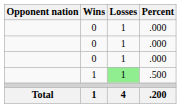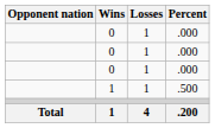 <table class=wikitable>
 <tr>
 <th>Opponent nation</th>
 <th>Wins</th>
 <th>Losses</th>
 <th>Percent</th>
 </tr>
 <tr align=center>
 <td align=left></td>
 <td>0</td>
 <td>1</td>
 <td>.000</td>
 </tr>
 <tr align=center>
 <td align=left></td>
 <td>0</td>
 <td>1</td>
 <td>.000</td>
 </tr>
 <tr align=center>
 <td align=left></td>
 <td>0</td>
 <td>1</td>
 <td>.000</td>
 </tr>
 <tr align=center>
 <td align=left></td>
 <td>1</td>
-<td style="background: lightgreen;">1</td>
+<td>1</td>
 <td>.500</td>
 </tr>
 <tr>
 <td colspan=4 bgcolor=lightgray></td>
 </tr>
 <tr>
 <th>Total</th>
 <th>1</th>
 <th>4</th>
 <th>.200</th>
 </tr>
 </table>
